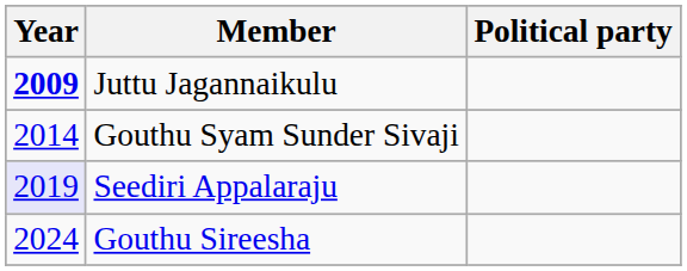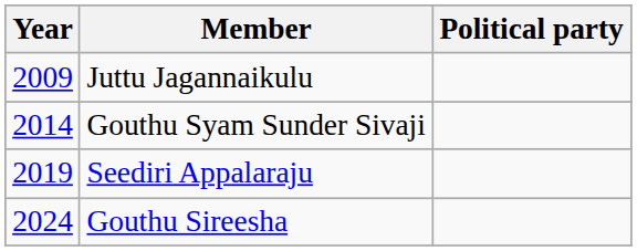 <table class="wikitable sortable">
 <tr>
 <th>Year</th>
 <th>Member</th>
 <th colspan="2">Political party</th>
 </tr>
 <tr>
-<td><strong><a href='#'>2009</a></strong></td>
+<td><a href='#'>2009</a></td>
 <td>Juttu Jagannaikulu</td>
 <td></td>
 </tr>
 <tr>
 <td><a href='#'>2014</a></td>
 <td>Gouthu Syam Sunder Sivaji</td>
 <td></td>
 </tr>
 <tr>
-<td style="background: lavender;"><a href='#'>2019</a></td>
+<td><a href='#'>2019</a></td>
 <td><a href='#'>Seediri Appalaraju</a></td>
 <td></td>
 </tr>
 <tr>
 <td><a href='#'>2024</a></td>
 <td><a href='#'>Gouthu Sireesha</a></td>
 <td></td>
 </tr>
 </table>
